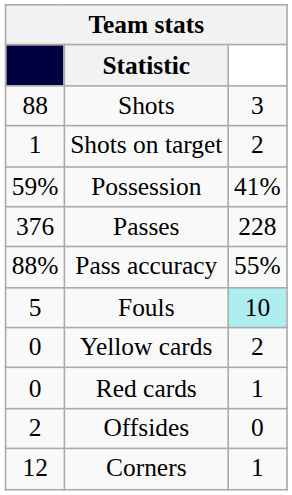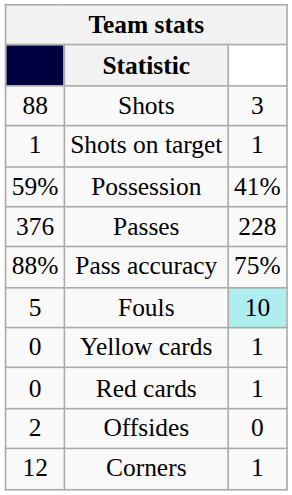 <table class="wikitable" style="margin-left: auto; margin-right: auto; border: none; text-align:center;">
 <tr>
 <th colspan=3>Team stats</th>
 </tr>
 <tr>
 <th style="background:  #000040; color: #e4007c;"> <a href='#'></a></th>
 <th>Statistic</th>
 <th style="background: #FFFFFF; color: #e4007c;"> <a href='#'></a></th>
 </tr>
 <tr>
 <td>88</td>
 <td>Shots</td>
 <td>3</td>
 </tr>
 <tr>
 <td>1</td>
 <td>Shots on target</td>
-<td>2</td>
+<td>1</td>
 </tr>
 <tr>
 <td>59%</td>
 <td>Possession</td>
 <td>41%</td>
 </tr>
 <tr>
 <td>376</td>
 <td>Passes</td>
 <td>228</td>
 </tr>
 <tr>
 <td>88%</td>
 <td>Pass accuracy</td>
-<td>55%</td>
+<td>75%</td>
 </tr>
 <tr>
 <td>5</td>
 <td>Fouls</td>
 <td style="background: paleturquoise;">10</td>
 </tr>
 <tr>
 <td>0</td>
 <td>Yellow cards</td>
-<td>2</td>
+<td>1</td>
 </tr>
 <tr>
 <td>0</td>
 <td>Red cards</td>
 <td>1</td>
 </tr>
 <tr>
 <td>2</td>
 <td>Offsides</td>
 <td>0</td>
 </tr>
 <tr>
 <td>12</td>
 <td>Corners</td>
 <td>1</td>
 </tr>
 </table>
